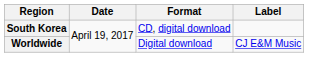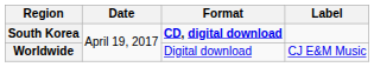 <table class = "wikitable plainrowheaders">
 <tr>
 <th>Region</th>
 <th>Date</th>
 <th>Format</th>
 <th>Label</th>
 </tr>
 <tr>
 <th scope="row">South Korea</th>
 <td rowspan=2>April 19, 2017</td>
-<td><a href='#'>CD</a>, <a href='#'>digital download</a></td>
+<td><strong><a href='#'>CD</a>, <a href='#'>digital download</a></strong></td>
 <td></td>
 </tr>
 <tr>
 <th scope="row">Worldwide</th>
 <td rowspan=2><a href='#'>Digital download</a></td>
 <td rowspan=2><a href='#'>CJ E&M Music</a></td>
 </tr>
 </table>
